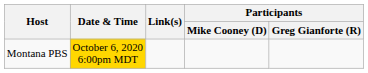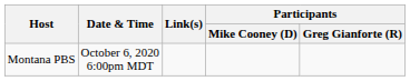 <table class="wikitable sortable">
 <tr>
 <th rowspan="2">Host</th>
 <th rowspan="2">Date & Time</th>
 <th rowspan="2">Link(s)</th>
 <th colspan="2">Participants</th>
 </tr>
 <tr>
 <th>Mike Cooney (D)</th>
 <th>Greg Gianforte (R)</th>
 </tr>
 <tr>
 <td align="center">Montana PBS</td>
-<td align="center" style="background: gold;">October 6, 2020<br>6:00pm MDT</td>
+<td align="center">October 6, 2020<br>6:00pm MDT</td>
 <td align="center"></td>
 <td></td>
 <td></td>
 </tr>
 </table>
